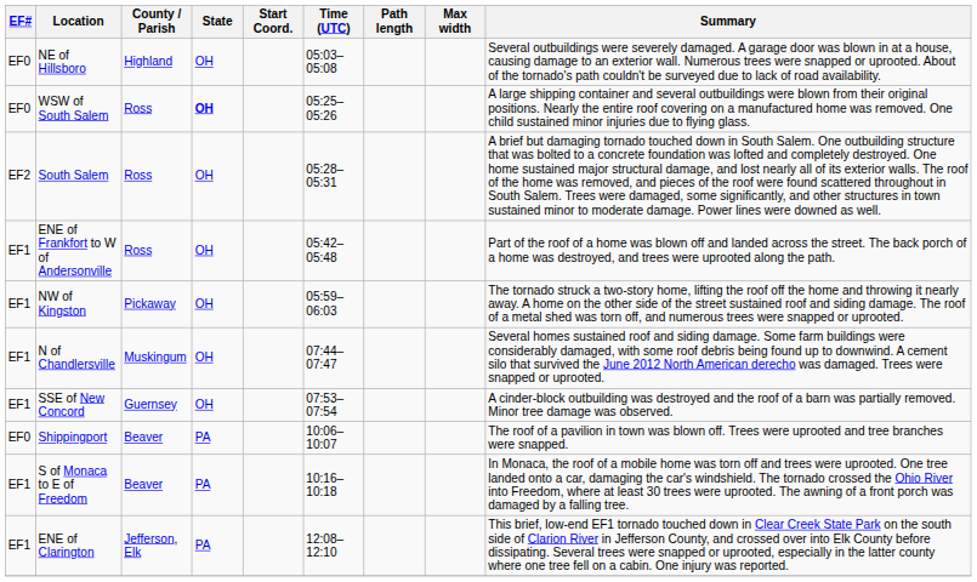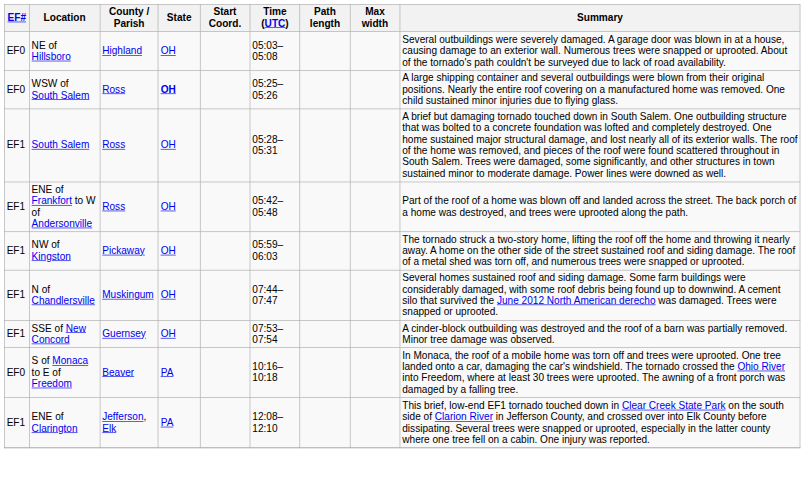 <table class="wikitable sortable" style="width:100%;">
 <tr>
 <th scope="col"  style="width:3%; text-align:center;"><a href='#'>EF#</a></th>
 <th scope="col"  style="width:7%; text-align:center;" class="unsortable">Location</th>
 <th scope="col"  style="width:6%; text-align:center;" class="unsortable">County / Parish</th>
 <th scope="col"  style="width:5%; text-align:center;">State</th>
 <th scope="col"  style="width:6%; text-align:center;">Start Coord.</th>
 <th scope="col"  style="width:6%; text-align:center;">Time (<a href='#'>UTC</a>)</th>
 <th scope="col"  style="width:6%; text-align:center;">Path length</th>
 <th scope="col"  style="width:6%; text-align:center;">Max width</th>
 <th scope="col" class="unsortable" style="width:48%; text-align:center;">Summary</th>
 </tr>
 <tr>
 <td>EF0</td>
 <td>NE of <a href='#'>Hillsboro</a></td>
 <td><a href='#'>Highland</a></td>
 <td><a href='#'>OH</a></td>
 <td></td>
 <td>05:03–05:08</td>
 <td></td>
 <td></td>
 <td>Several outbuildings were severely damaged. A garage door was blown in at a house, causing damage to an exterior wall. Numerous trees were snapped or uprooted. About  of the tornado's path couldn't be surveyed due to lack of road availability.</td>
 </tr>
 <tr>
 <td>EF0</td>
 <td>WSW of <a href='#'>South Salem</a></td>
 <td><a href='#'>Ross</a></td>
 <td><strong><a href='#'>OH</a></strong></td>
 <td></td>
 <td>05:25–05:26</td>
 <td></td>
 <td></td>
 <td>A large shipping container and several outbuildings were blown from their original positions. Nearly the entire roof covering on a manufactured home was removed. One child sustained minor injuries due to flying glass.</td>
 </tr>
 <tr>
-<td>EF2</td>
+<td>EF1</td>
 <td><a href='#'>South Salem</a></td>
 <td><a href='#'>Ross</a></td>
 <td><a href='#'>OH</a></td>
 <td></td>
 <td>05:28–05:31</td>
 <td></td>
 <td></td>
 <td>A brief but damaging tornado touched down in South Salem. One outbuilding structure that was bolted to a concrete foundation was lofted and completely destroyed. One home sustained major structural damage, and lost nearly all of its exterior walls. The roof of the home was removed, and pieces of the roof were found scattered throughout in South Salem. Trees were damaged, some significantly, and other structures in town sustained minor to moderate damage. Power lines were downed as well.</td>
 </tr>
 <tr>
 <td>EF1</td>
 <td>ENE of <a href='#'>Frankfort</a> to W of <a href='#'>Andersonville</a></td>
 <td><a href='#'>Ross</a></td>
 <td><a href='#'>OH</a></td>
 <td></td>
 <td>05:42–05:48</td>
 <td></td>
 <td></td>
 <td>Part of the roof of a home was blown off and landed across the street. The back porch of a home was destroyed, and trees were uprooted along the path.</td>
 </tr>
 <tr>
 <td>EF1</td>
 <td>NW of <a href='#'>Kingston</a></td>
 <td><a href='#'>Pickaway</a></td>
 <td><a href='#'>OH</a></td>
 <td></td>
 <td>05:59–06:03</td>
 <td></td>
 <td></td>
 <td>The tornado struck a two-story home, lifting the roof off the home and throwing it nearly  away. A home on the other side of the street sustained roof and siding damage. The roof of a metal shed was torn off, and numerous trees were snapped or uprooted.</td>
 </tr>
 <tr>
 <td>EF1</td>
 <td>N of <a href='#'>Chandlersville</a></td>
 <td><a href='#'>Muskingum</a></td>
 <td><a href='#'>OH</a></td>
 <td></td>
 <td>07:44–07:47</td>
 <td></td>
 <td></td>
 <td>Several homes sustained roof and siding damage. Some farm buildings were considerably damaged, with some roof debris being found up to  downwind. A cement silo that survived the <a href='#'>June 2012 North American derecho</a> was damaged. Trees were snapped or uprooted.</td>
 </tr>
 <tr>
 <td>EF1</td>
 <td>SSE of <a href='#'>New Concord</a></td>
 <td><a href='#'>Guernsey</a></td>
 <td><a href='#'>OH</a></td>
 <td></td>
 <td>07:53–07:54</td>
 <td></td>
 <td></td>
 <td>A cinder-block outbuilding was destroyed and the roof of a barn was partially removed. Minor tree damage was observed.</td>
 </tr>
 <tr>
 <td>EF0</td>
-<td><a href='#'>Shippingport</a></td>
-<td><a href='#'>Beaver</a></td>
-<td><a href='#'>PA</a></td>
-<td></td>
-<td>10:06–10:07</td>
-<td></td>
-<td></td>
-<td>The roof of a pavilion in town was blown off. Trees were uprooted and tree branches were snapped.</td>
-</tr>
-<tr>
-<td>EF1</td>
 <td>S of <a href='#'>Monaca</a> to E of <a href='#'>Freedom</a></td>
 <td><a href='#'>Beaver</a></td>
 <td><a href='#'>PA</a></td>
 <td></td>
 <td>10:16–10:18</td>
 <td></td>
 <td></td>
 <td>In Monaca, the roof of a mobile home was torn off and trees were uprooted. One tree landed onto a car, damaging the car's windshield. The tornado crossed the <a href='#'>Ohio River</a> into Freedom, where at least 30 trees were uprooted. The awning of a front porch was damaged by a falling tree.</td>
 </tr>
 <tr>
 <td>EF1</td>
 <td>ENE of <a href='#'>Clarington</a></td>
 <td><a href='#'>Jefferson</a>, <a href='#'>Elk</a></td>
 <td><a href='#'>PA</a></td>
 <td></td>
 <td>12:08–12:10</td>
 <td></td>
 <td></td>
 <td>This brief, low-end EF1 tornado touched down in <a href='#'>Clear Creek State Park</a> on the south side of <a href='#'>Clarion River</a> in Jefferson County, and crossed over into Elk County before dissipating. Several trees were snapped or uprooted, especially in the latter county where one tree fell on a cabin. One injury was reported.</td>
 </tr>
 <tr>
 </tr>
 </table>
